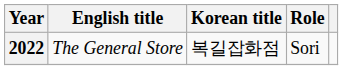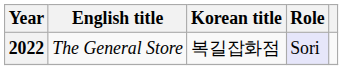 <table class="wikitable sortable plainrowheaders">
 <tr>
 <th scope="col">Year</th>
 <th scope="col">English title</th>
 <th scope="col">Korean title</th>
 <th scope="col">Role</th>
 <th scope="col" class="unsortable"></th>
 </tr>
 <tr>
 <th scope="row">2022</th>
 <td><em>The General Store</em></td>
 <td>복길잡화점</td>
-<td>Sori</td>
+<td style="background: lavender;">Sori</td>
 <td></td>
 </tr>
 <tr>
 </tr>
 </table>
